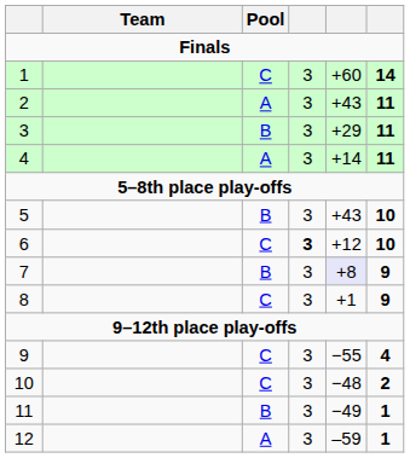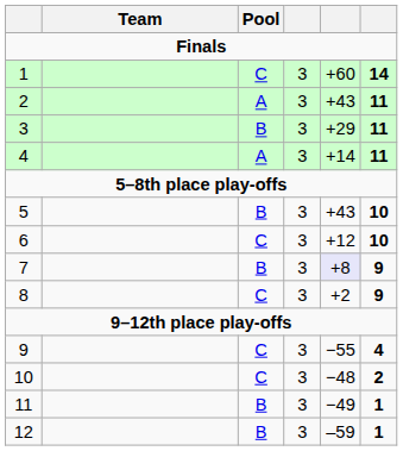 <table class="wikitable" style="font-size: 95%; text-align: center;">
 <tr>
 <th width=25></th>
 <th width=165>Team</th>
 <th width=25>Pool</th>
 <th width=25></th>
 <th width=28></th>
 <th width=25></th>
 </tr>
 <tr>
 <td colspan="15"><strong>Finals</strong></td>
 </tr>
 <tr style="background:#ccffcc;">
 <td>1</td>
 <td style="text-align:left;"></td>
 <td><a href='#'>C</a></td>
 <td>3</td>
 <td>+60</td>
 <td><strong>14</strong></td>
 </tr>
 <tr style="background:#ccffcc;">
 <td>2</td>
 <td style="text-align:left;"></td>
 <td><a href='#'>A</a></td>
 <td>3</td>
 <td>+43</td>
 <td><strong>11</strong></td>
 </tr>
 <tr style="background:#ccffcc;">
 <td>3</td>
 <td style="text-align:left;"></td>
 <td><a href='#'>B</a></td>
 <td>3</td>
 <td>+29</td>
 <td><strong>11</strong></td>
 </tr>
 <tr style="background:#ccffcc;">
 <td>4</td>
 <td style="text-align:left;"></td>
 <td><a href='#'>A</a></td>
 <td>3</td>
 <td>+14</td>
 <td><strong>11</strong></td>
 </tr>
 <tr>
 <td colspan="15"><strong>5–8th place play-offs</strong></td>
 </tr>
 <tr>
 <td>5</td>
 <td style="text-align:left;"></td>
 <td><a href='#'>B</a></td>
 <td>3</td>
 <td>+43</td>
 <td><strong>10</strong></td>
 </tr>
 <tr>
 <td>6</td>
 <td style="text-align:left;"></td>
 <td><a href='#'>C</a></td>
-<td><strong>3</strong></td>
+<td>3</td>
 <td>+12</td>
 <td><strong>10</strong></td>
 </tr>
 <tr>
 <td>7</td>
 <td style="text-align:left;"></td>
 <td><a href='#'>B</a></td>
 <td>3</td>
 <td style="background: lavender;">+8</td>
 <td><strong>9</strong></td>
 </tr>
 <tr>
 <td>8</td>
 <td style="text-align:left;"></td>
 <td><a href='#'>C</a></td>
 <td>3</td>
-<td>+1</td>
+<td>+2</td>
 <td><strong>9</strong></td>
 </tr>
 <tr>
 <td colspan="15"><strong>9–12th place play-offs</strong></td>
 </tr>
 <tr>
 <td>9</td>
 <td style="text-align:left;"></td>
 <td><a href='#'>C</a></td>
 <td>3</td>
 <td>−55</td>
 <td><strong>4</strong></td>
 </tr>
 <tr>
 <td>10</td>
 <td style="text-align:left;"></td>
 <td><a href='#'>C</a></td>
 <td>3</td>
 <td>−48</td>
 <td><strong>2</strong></td>
 </tr>
 <tr>
 <td>11</td>
 <td style="text-align:left;"></td>
 <td><a href='#'>B</a></td>
 <td>3</td>
 <td>−49</td>
 <td><strong>1</strong></td>
 </tr>
 <tr>
 <td>12</td>
 <td style="text-align:left;"></td>
-<td><a href='#'>A</a></td>
+<td><a href='#'>B</a></td>
 <td>3</td>
 <td>–59</td>
 <td><strong>1</strong></td>
 </tr>
 </table>
